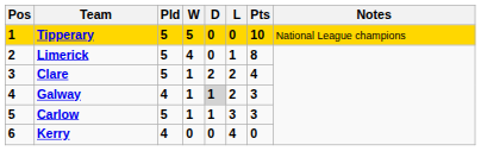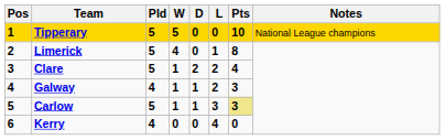 <table class="wikitable" style="text-align: centre;">
 <tr>
 <th width=20>Pos</th>
 <th width=150>Team</th>
 <th width=20>Pld</th>
 <th width=20>W</th>
 <th width=20>D</th>
 <th width=20>L</th>
 <th width=20>Pts</th>
 <th width=250>Notes</th>
 </tr>
 <tr style="background:gold;">
 <td><strong>1</strong></td>
 <td align=left><strong> <a href='#'>Tipperary</a> </strong></td>
 <td><strong>5</strong></td>
 <td><strong>5</strong></td>
 <td><strong>0</strong></td>
 <td><strong>0</strong></td>
 <td><strong>10</strong></td>
 <td><small>National League champions</small></td>
 </tr>
 <tr>
 <td><strong>2</strong></td>
 <td align=left><strong> <a href='#'>Limerick</a> </strong></td>
 <td><strong>5</strong></td>
 <td><strong>4</strong></td>
 <td><strong>0</strong></td>
 <td><strong>1</strong></td>
 <td><strong>8</strong></td>
 </tr>
 <tr>
 <td><strong>3</strong></td>
 <td align=left><strong> <a href='#'>Clare</a> </strong></td>
 <td><strong>5</strong></td>
 <td><strong>1</strong></td>
 <td><strong>2</strong></td>
 <td><strong>2</strong></td>
 <td><strong>4</strong></td>
 </tr>
 <tr>
 <td><strong>4</strong></td>
 <td align=left><strong> <a href='#'>Galway</a> </strong></td>
 <td><strong>4</strong></td>
 <td><strong>1</strong></td>
-<td style="background: lightgrey;"><strong>1</strong></td>
+<td><strong>1</strong></td>
 <td><strong>2</strong></td>
 <td><strong>3</strong></td>
 </tr>
 <tr>
 <td><strong>5</strong></td>
 <td align=left><strong> <a href='#'>Carlow</a> </strong></td>
 <td><strong>5</strong></td>
 <td><strong>1</strong></td>
 <td><strong>1</strong></td>
 <td><strong>3</strong></td>
-<td><strong>3</strong></td>
+<td style="background: khaki;"><strong>3</strong></td>
 </tr>
 <tr>
 <td><strong>6</strong></td>
 <td align=left><strong> <a href='#'>Kerry</a> </strong></td>
 <td><strong>4</strong></td>
 <td><strong>0</strong></td>
 <td><strong>0</strong></td>
 <td><strong>4</strong></td>
 <td><strong>0</strong></td>
 </tr>
 </table>
